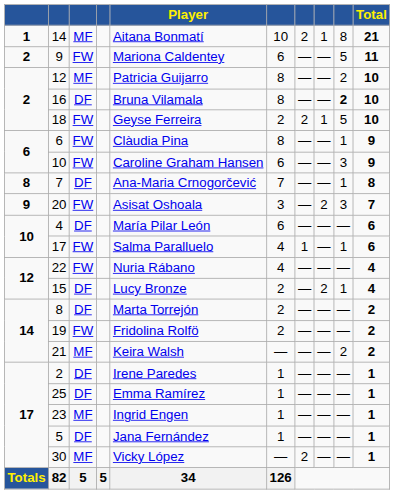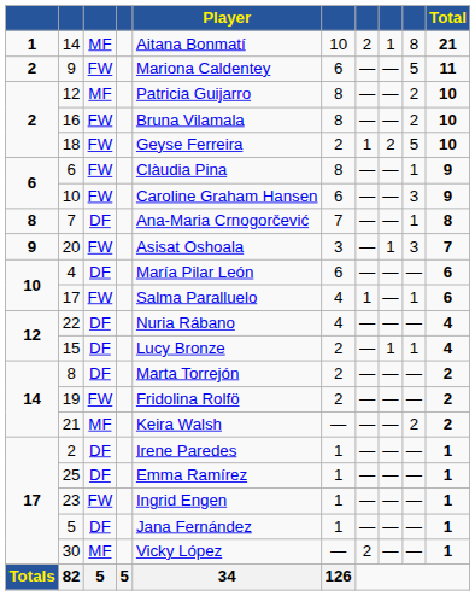 <table class="wikitable" style="text-align:center;">
 <tr>
 <th style="background:#26559B; color:#FFF000; "></th>
 <th style="background:#26559B; color:#FFF000; "></th>
 <th style="background:#26559B; color:#FFF000; "></th>
 <th style="background:#26559B; color:#FFF000; "></th>
 <th style="background:#26559B; color:#FFF000; ">Player</th>
 <th style="background:#26559B; color:#FFF000; "></th>
 <th style="background:#26559B; color:#FFF000; "></th>
 <th style="background:#26559B; color:#FFF000; "></th>
 <th style="background:#26559B; color:#FFF000; "></th>
 <th style="background:#26559B; color:#FFF000; ">Total</th>
 </tr>
 <tr>
 <td><strong>1</strong></td>
 <td>14</td>
 <td><a href='#'>MF</a></td>
 <td></td>
 <td style="text-align:left"><a href='#'>Aitana Bonmatí</a></td>
 <td>10</td>
 <td>2</td>
 <td>1</td>
 <td>8</td>
 <td><strong>21</strong></td>
 </tr>
 <tr>
 <td><strong>2</strong></td>
 <td>9</td>
 <td><a href='#'>FW</a></td>
 <td></td>
 <td style="text-align:left"><a href='#'>Mariona Caldentey</a></td>
 <td>6</td>
 <td>—</td>
 <td>—</td>
 <td>5</td>
 <td><strong>11</strong></td>
 </tr>
 <tr>
 <td rowspan="3"><strong>2</strong></td>
 <td>12</td>
 <td><a href='#'>MF</a></td>
 <td></td>
 <td style="text-align:left"><a href='#'>Patricia Guijarro</a></td>
 <td>8</td>
 <td>—</td>
 <td>—</td>
 <td>2</td>
 <td><strong>10</strong></td>
 </tr>
 <tr>
 <td>16</td>
-<td><a href='#'>DF</a></td>
+<td><a href='#'>FW</a></td>
 <td></td>
 <td style="text-align:left"><a href='#'>Bruna Vilamala</a></td>
 <td>8</td>
 <td>—</td>
 <td>—</td>
-<td><strong>2</strong></td>
+<td>2</td>
 <td><strong>10</strong></td>
 </tr>
 <tr>
 <td>18</td>
 <td><a href='#'>FW</a></td>
 <td></td>
 <td style="text-align:left"><a href='#'>Geyse Ferreira</a></td>
 <td>2</td>
+<td>1</td>
 <td>2</td>
-<td>1</td>
 <td>5</td>
 <td><strong>10</strong></td>
 </tr>
 <tr>
 <td rowspan="2"><strong>6</strong></td>
 <td>6</td>
 <td><a href='#'>FW</a></td>
 <td></td>
 <td style="text-align:left"><a href='#'>Clàudia Pina</a></td>
 <td>8</td>
 <td>—</td>
 <td>—</td>
 <td>1</td>
 <td><strong>9</strong></td>
 </tr>
 <tr>
 <td>10</td>
 <td><a href='#'>FW</a></td>
 <td></td>
 <td style="text-align:left"><a href='#'>Caroline Graham Hansen</a></td>
 <td>6</td>
 <td>—</td>
 <td>—</td>
 <td>3</td>
 <td><strong>9</strong></td>
 </tr>
 <tr>
 <td><strong>8</strong></td>
 <td>7</td>
 <td><a href='#'>DF</a></td>
 <td></td>
 <td style="text-align:left"><a href='#'>Ana-Maria Crnogorčević</a></td>
 <td>7</td>
 <td>—</td>
 <td>—</td>
 <td>1</td>
 <td><strong>8</strong></td>
 </tr>
 <tr>
 <td><strong>9</strong></td>
 <td>20</td>
 <td><a href='#'>FW</a></td>
 <td></td>
 <td style="text-align:left"><a href='#'>Asisat Oshoala</a></td>
 <td>3</td>
 <td>—</td>
-<td>2</td>
+<td>1</td>
 <td>3</td>
 <td><strong>7</strong></td>
 </tr>
 <tr>
 <td rowspan="2"><strong>10</strong></td>
 <td>4</td>
 <td><a href='#'>DF</a></td>
 <td></td>
 <td style="text-align:left"><a href='#'>María Pilar León</a></td>
 <td>6</td>
 <td>—</td>
 <td>—</td>
 <td>—</td>
 <td><strong>6</strong></td>
 </tr>
 <tr>
 <td>17</td>
 <td><a href='#'>FW</a></td>
 <td></td>
 <td style="text-align:left"><a href='#'>Salma Paralluelo</a></td>
 <td>4</td>
 <td>1</td>
 <td>—</td>
 <td>1</td>
 <td><strong>6</strong></td>
 </tr>
 <tr>
 <td rowspan="2"><strong>12</strong></td>
 <td>22</td>
-<td><a href='#'>FW</a></td>
+<td><a href='#'>DF</a></td>
 <td></td>
 <td style="text-align:left"><a href='#'>Nuria Rábano</a></td>
 <td>4</td>
 <td>—</td>
 <td>—</td>
 <td>—</td>
 <td><strong>4</strong></td>
 </tr>
 <tr>
 <td>15</td>
 <td><a href='#'>DF</a></td>
 <td></td>
 <td style="text-align:left"><a href='#'>Lucy Bronze</a></td>
 <td>2</td>
 <td>—</td>
-<td>2</td>
+<td>1</td>
 <td>1</td>
 <td><strong>4</strong></td>
 </tr>
 <tr>
 <td rowspan="3"><strong>14</strong></td>
 <td>8</td>
 <td><a href='#'>DF</a></td>
 <td></td>
 <td style="text-align:left"><a href='#'>Marta Torrejón</a></td>
 <td>2</td>
 <td>—</td>
 <td>—</td>
 <td>—</td>
 <td><strong>2</strong></td>
 </tr>
 <tr>
 <td>19</td>
 <td><a href='#'>FW</a></td>
 <td></td>
 <td style="text-align:left"><a href='#'>Fridolina Rolfö</a></td>
 <td>2</td>
 <td>—</td>
 <td>—</td>
 <td>—</td>
 <td><strong>2</strong></td>
 </tr>
 <tr>
 <td>21</td>
 <td><a href='#'>MF</a></td>
 <td></td>
 <td style="text-align:left"><a href='#'>Keira Walsh</a></td>
 <td>—</td>
 <td>—</td>
 <td>—</td>
 <td>2</td>
 <td><strong>2</strong></td>
 </tr>
 <tr>
 <td rowspan="5"><strong>17</strong></td>
 <td>2</td>
 <td><a href='#'>DF</a></td>
 <td></td>
 <td style="text-align:left"><a href='#'>Irene Paredes</a></td>
 <td>1</td>
 <td>—</td>
 <td>—</td>
 <td>—</td>
 <td><strong>1</strong></td>
 </tr>
 <tr>
 <td>25</td>
 <td><a href='#'>DF</a></td>
 <td></td>
 <td style="text-align:left"><a href='#'>Emma Ramírez</a></td>
 <td>1</td>
 <td>—</td>
 <td>—</td>
 <td>—</td>
 <td><strong>1</strong></td>
 </tr>
 <tr>
 <td>23</td>
-<td><a href='#'>MF</a></td>
+<td><a href='#'>FW</a></td>
 <td></td>
 <td style="text-align:left"><a href='#'>Ingrid Engen</a></td>
 <td>1</td>
 <td>—</td>
 <td>—</td>
 <td>—</td>
 <td><strong>1</strong></td>
 </tr>
 <tr>
 <td>5</td>
 <td><a href='#'>DF</a></td>
 <td></td>
 <td style="text-align:left"><a href='#'>Jana Fernández</a></td>
 <td>1</td>
 <td>—</td>
 <td>—</td>
 <td>—</td>
 <td><strong>1</strong></td>
 </tr>
 <tr>
 <td>30</td>
 <td><a href='#'>MF</a></td>
 <td></td>
 <td style="text-align:left"><a href='#'>Vicky López</a></td>
 <td>—</td>
 <td>2</td>
 <td>—</td>
 <td>—</td>
 <td><strong>1</strong></td>
 </tr>
 <tr>
 <th style="background:#26559B; color:#FFF000; "><strong>Totals</strong></th>
 <th><strong>82</strong></th>
 <th><strong>5</strong></th>
 <th><strong>5</strong></th>
 <th><strong>34</strong></th>
 <th><strong>126</strong></th>
 </tr>
 </table>
